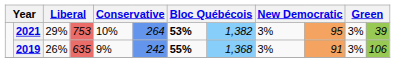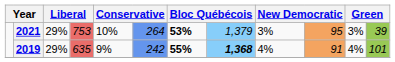 <table class="wikitable" style="float:right; width:400; font-size:90%; margin-left:1em;">
 <tr>
 <th colspan="2" scope="col">Year</th>
 <th colspan="2" scope="col"><a href='#'>Liberal</a></th>
 <th colspan="2" scope="col"><a href='#'>Conservative</a></th>
 <th colspan="2" scope="col"><a href='#'>Bloc Québécois</a></th>
 <th colspan="2" scope="col"><a href='#'>New Democratic</a></th>
 <th colspan="2" scope="col"><a href='#'>Green</a></th>
 </tr>
 <tr>
 <td rowspan="2" style="width: 0.25em; background-color: "></td>
 <th><a href='#'>2021</a></th>
 <td>29%</td>
 <td style="text-align:right; background:#EA6D6A;"><em>753</em></td>
 <td>10%</td>
 <td style="text-align:right; background:#6495ED;"><em>264</em></td>
 <td><strong>53%</strong></td>
-<td style="text-align:right; background:#87CEFA;"><em>1,382</em></td>
+<td style="text-align:right; background:#87CEFA;"><em>1,379</em></td>
 <td>3%</td>
 <td style="text-align:right; background:#F4A460;"><em>95</em></td>
 <td>3%</td>
 <td style="text-align:right; background:#99C955;"><em>39</em></td>
 </tr>
 <tr>
 <th><a href='#'>2019</a></th>
-<td>26%</td>
+<td>29%</td>
 <td style="text-align:right; background:#EA6D6A;"><em>635</em></td>
 <td>9%</td>
 <td style="text-align:right; background:#6495ED;"><em>242</em></td>
 <td><strong>55%</strong></td>
-<td style="text-align:right; background:#87CEFA;"><em>1,368</em></td>
-<td>3%</td>
+<td style="text-align:right; background:#87CEFA;"><strong><em>1,368</em></strong></td>
+<td>4%</td>
 <td style="text-align:right; background:#F4A460;"><em>91</em></td>
-<td>3%</td>
-<td style="text-align:right; background:#99C955;"><em>106</em></td>
+<td>4%</td>
+<td style="text-align:right; background:#99C955;"><em>101</em></td>
 </tr>
 <tr>
 </tr>
 </table>
